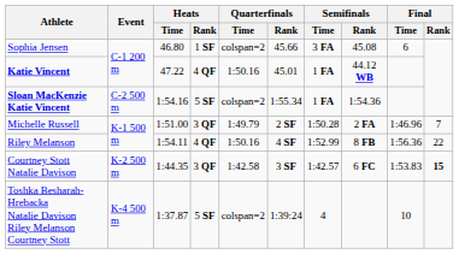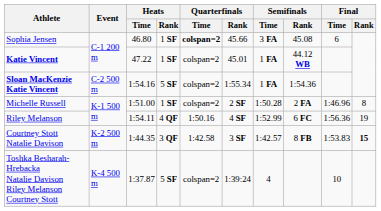 <table class=wikitable style=font-size:90%;text-align:center>
 <tr>
 <th rowspan=2>Athlete</th>
 <th rowspan=2>Event</th>
 <th colspan=2>Heats</th>
 <th colspan=2>Quarterfinals</th>
 <th colspan=2>Semifinals</th>
 <th colspan=2>Final</th>
 </tr>
 <tr style=font-size:95%>
 <th>Time</th>
 <th>Rank</th>
 <th>Time</th>
 <th>Rank</th>
 <th>Time</th>
 <th>Rank</th>
 <th>Time</th>
 <th>Rank</th>
 </tr>
 <tr>
 <td align=left><a href='#'>Sophia Jensen</a></td>
 <td align=left rowspan=2><a href='#'>C-1 200 m</a></td>
 <td>46.80</td>
 <td>1 <strong>SF</strong></td>
-<td>colspan=2 </td>
+<td><strong>colspan=2 </strong></td>
 <td>45.66</td>
 <td>3 <strong>FA</strong></td>
 <td>45.08</td>
 <td>6</td>
 </tr>
 <tr>
 <td align=left><strong><a href='#'>Katie Vincent</a></strong></td>
 <td>47.22</td>
-<td>4 <strong>QF</strong></td>
-<td>1:50.16</td>
+<td>1 <strong>SF</strong></td>
+<td>colspan=2 </td>
 <td>45.01</td>
 <td>1 <strong>FA</strong></td>
 <td>44.12 <strong><a href='#'>WB</a></strong></td>
 <td></td>
 </tr>
 <tr>
 <td align=left><strong><a href='#'>Sloan MacKenzie</a><br><a href='#'>Katie Vincent</a></strong></td>
 <td align=left><a href='#'>C-2 500 m</a></td>
 <td>1:54.16</td>
 <td>5 <strong>SF</strong></td>
 <td>colspan=2 </td>
 <td>1:55.34</td>
 <td>1 <strong>FA</strong></td>
 <td>1:54.36</td>
 <td></td>
 </tr>
 <tr>
 <td align=left><a href='#'>Michelle Russell</a></td>
 <td align=left rowspan=2><a href='#'>K-1 500 m</a></td>
 <td>1:51.00</td>
-<td>3 <strong>QF</strong></td>
-<td>1:49.79</td>
+<td>1 <strong>SF</strong></td>
+<td>colspan=2 </td>
 <td>2 <strong>SF</strong></td>
 <td>1:50.28</td>
 <td>2 <strong>FA</strong></td>
 <td>1:46.96</td>
-<td>7</td>
+<td>8</td>
 </tr>
 <tr>
 <td align=left><a href='#'>Riley Melanson</a></td>
 <td>1:54.11</td>
 <td>4 <strong>QF</strong></td>
 <td>1:50.16</td>
 <td>4 <strong>SF</strong></td>
 <td>1:52.99</td>
-<td>8 <strong>FB</strong></td>
+<td>6 <strong>FC</strong></td>
 <td>1:56.36</td>
-<td>22</td>
+<td>19</td>
 </tr>
 <tr>
 <td align=left><a href='#'>Courtney Stott</a><br><a href='#'>Natalie Davison</a></td>
 <td align=left><a href='#'>K-2 500 m</a></td>
 <td>1:44.35</td>
 <td>3 <strong>QF</strong></td>
 <td>1:42.58</td>
 <td>3 <strong>SF</strong></td>
 <td>1:42.57</td>
-<td>6 <strong>FC</strong></td>
+<td>8 <strong>FB</strong></td>
 <td>1:53.83</td>
 <td><strong>15</strong></td>
 </tr>
 <tr>
 <td align=left><a href='#'>Toshka Besharah-Hrebacka</a><br><a href='#'>Natalie Davison</a><br><a href='#'>Riley Melanson</a><br><a href='#'>Courtney Stott</a></td>
 <td align=left><a href='#'>K-4 500 m</a></td>
 <td>1:37.87</td>
 <td>5 <strong>SF</strong></td>
 <td>colspan=2 </td>
 <td>1:39:24</td>
 <td>4</td>
 <td></td>
 <td>10</td>
 </tr>
 </table>
